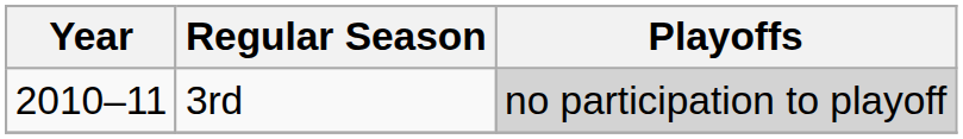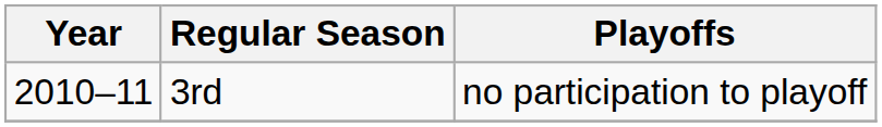 <table class="wikitable">
 <tr>
 <th>Year</th>
 <th>Regular Season</th>
 <th>Playoffs</th>
 </tr>
 <tr>
 <td>2010–11</td>
 <td>3rd</td>
-<td style="background: lightgrey;">no participation to playoff</td>
+<td>no participation to playoff</td>
 </tr>
 <tr>
 </tr>
 </table>
